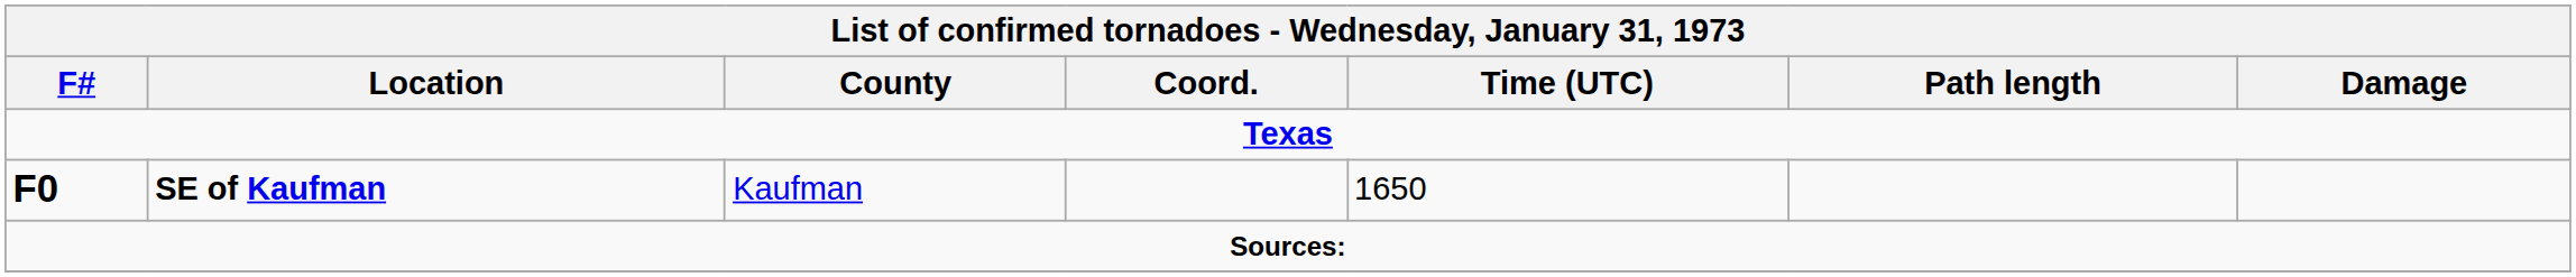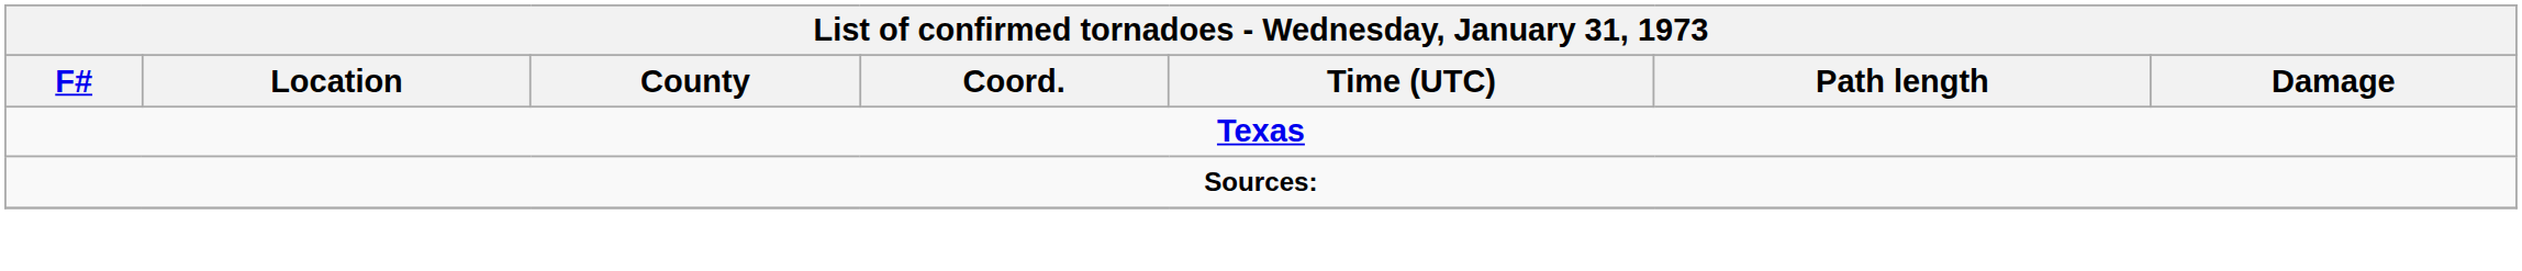 <table class="wikitable collapsible" width="100%">
 <tr>
 <th colspan="7">List of confirmed tornadoes - Wednesday, January 31, 1973</th>
 </tr>
 <tr>
 <th><a href='#'>F#</a></th>
 <th>Location</th>
 <th>County</th>
 <th>Coord.</th>
 <th>Time (UTC)</th>
 <th>Path length</th>
 <th>Damage</th>
 </tr>
 <tr>
 <td colspan="7" align=center><strong><a href='#'>Texas</a></strong></td>
 </tr>
 <tr>
-<td><big><strong>F0</strong></big></td>
-<td><strong>SE of <a href='#'>Kaufman</a></strong></td>
-<td><a href='#'>Kaufman</a></td>
-<td></td>
-<td>1650</td>
-<td></td>
-<td></td>
-</tr>
-<tr>
 <td colspan="7" align=center><small><strong>Sources:</strong> </small></td>
 </tr>
 <tr>
 </tr>
 </table>
